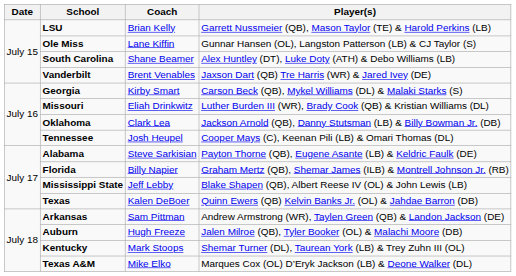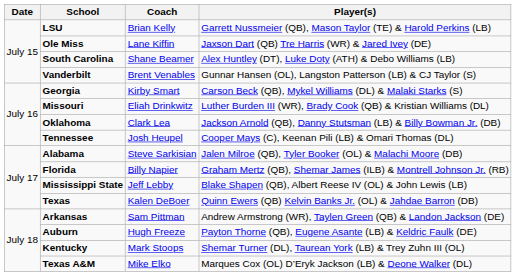 <table class="wikitable">
 <tr>
 <th>Date</th>
 <th>School</th>
 <th>Coach</th>
 <th>Player(s)</th>
 </tr>
 <tr>
 <td rowspan="4">July 15</td>
 <td><strong>LSU</strong></td>
 <td><a href='#'>Brian Kelly</a></td>
 <td><a href='#'>Garrett Nussmeier</a> (QB), <a href='#'>Mason Taylor</a> (TE) & <a href='#'>Harold Perkins</a> (LB)</td>
 </tr>
 <tr>
 <td><strong>Ole Miss</strong></td>
 <td><a href='#'>Lane Kiffin</a></td>
-<td>Gunnar Hansen (OL), Langston Patterson (LB) & CJ Taylor (S)</td>
+<td><a href='#'>Jaxson Dart</a> (QB) <a href='#'>Tre Harris</a> (WR) & <a href='#'>Jared Ivey</a> (DE)</td>
 </tr>
 <tr>
 <td><strong>South Carolina</strong></td>
 <td><a href='#'>Shane Beamer</a></td>
 <td><a href='#'>Alex Huntley</a> (DT), <a href='#'>Luke Doty</a> (ATH) & Debo Williams (LB)</td>
 </tr>
 <tr>
 <td><strong>Vanderbilt</strong></td>
 <td><a href='#'>Brent Venables</a></td>
-<td><a href='#'>Jaxson Dart</a> (QB) <a href='#'>Tre Harris</a> (WR) & <a href='#'>Jared Ivey</a> (DE)</td>
+<td>Gunnar Hansen (OL), Langston Patterson (LB) & CJ Taylor (S)</td>
 </tr>
 <tr>
 <td rowspan="4">July 16</td>
 <td><strong>Georgia</strong></td>
 <td><a href='#'>Kirby Smart</a></td>
 <td><a href='#'>Carson Beck</a> (QB), <a href='#'>Mykel Williams</a> (DL) & <a href='#'>Malaki Starks</a> (S)</td>
 </tr>
 <tr>
 <td><strong>Missouri</strong></td>
 <td><a href='#'>Eliah Drinkwitz</a></td>
 <td><a href='#'>Luther Burden III</a> (WR), <a href='#'>Brady Cook</a> (QB) & Kristian Williams (DL)</td>
 </tr>
 <tr>
 <td><strong>Oklahoma</strong></td>
 <td><a href='#'>Clark Lea</a></td>
 <td><a href='#'>Jackson Arnold</a> (QB), <a href='#'>Danny Stutsman</a> (LB) & <a href='#'>Billy Bowman Jr.</a> (DB)</td>
 </tr>
 <tr>
 <td><strong>Tennessee</strong></td>
 <td><a href='#'>Josh Heupel</a></td>
 <td><a href='#'>Cooper Mays</a> (C), Keenan Pili (LB) & Omari Thomas (DL)</td>
 </tr>
 <tr>
 <td rowspan="4">July 17</td>
 <td><strong>Alabama</strong></td>
 <td><a href='#'>Steve Sarkisian</a></td>
-<td><a href='#'>Payton Thorne</a> (QB), <a href='#'>Eugene Asante</a> (LB) & <a href='#'>Keldric Faulk</a> (DE)</td>
+<td><a href='#'>Jalen Milroe</a> (QB), <a href='#'>Tyler Booker</a> (OL) & <a href='#'>Malachi Moore</a> (DB)</td>
 </tr>
 <tr>
 <td><strong>Florida</strong></td>
 <td><a href='#'>Billy Napier</a></td>
 <td><a href='#'>Graham Mertz</a> (QB), <a href='#'>Shemar James</a> (ILB) & <a href='#'>Montrell Johnson Jr.</a> (RB)</td>
 </tr>
 <tr>
 <td><strong>Mississippi State</strong></td>
 <td><a href='#'>Jeff Lebby</a></td>
 <td><a href='#'>Blake Shapen</a> (QB), Albert Reese IV (OL) & John Lewis (LB)</td>
 </tr>
 <tr>
 <td><strong>Texas</strong></td>
 <td><a href='#'>Kalen DeBoer</a></td>
 <td><a href='#'>Quinn Ewers</a> (QB) <a href='#'>Kelvin Banks Jr.</a> (OL) & <a href='#'>Jahdae Barron</a> (DB)</td>
 </tr>
 <tr>
 <td rowspan="4">July 18</td>
 <td><strong>Arkansas</strong></td>
 <td><a href='#'>Sam Pittman</a></td>
 <td>Andrew Armstrong (WR), <a href='#'>Taylen Green</a> (QB) & <a href='#'>Landon Jackson</a> (DE)</td>
 </tr>
 <tr>
 <td><strong>Auburn</strong></td>
 <td><a href='#'>Hugh Freeze</a></td>
-<td><a href='#'>Jalen Milroe</a> (QB), <a href='#'>Tyler Booker</a> (OL) & <a href='#'>Malachi Moore</a> (DB)</td>
+<td><a href='#'>Payton Thorne</a> (QB), <a href='#'>Eugene Asante</a> (LB) & <a href='#'>Keldric Faulk</a> (DE)</td>
 </tr>
 <tr>
 <td><strong>Kentucky</strong></td>
 <td><a href='#'>Mark Stoops</a></td>
 <td><a href='#'>Shemar Turner</a> (DL), <a href='#'>Taurean York</a> (LB) & Trey Zuhn III (OL)</td>
 </tr>
 <tr>
 <td><strong>Texas A&M</strong></td>
 <td><a href='#'>Mike Elko</a></td>
 <td>Marques Cox (OL) D’Eryk Jackson (LB) & <a href='#'>Deone Walker</a> (DL)</td>
 </tr>
 </table>
